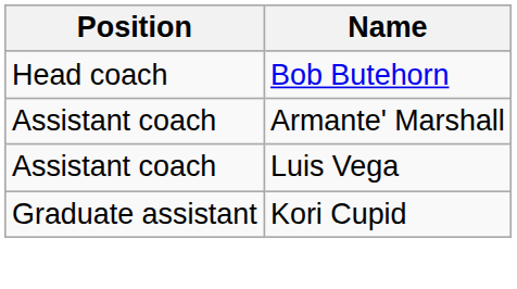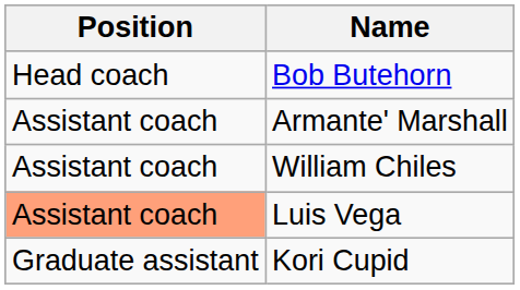 <table class= wikitable>
 <tr>
 <th width=xpx>Position</th>
 <th width=xpx>Name</th>
 </tr>
 <tr>
 <td>Head coach</td>
 <td><a href='#'>Bob Butehorn</a></td>
 </tr>
 <tr>
 <td>Assistant coach</td>
 <td>Armante' Marshall</td>
 </tr>
 <tr>
 <td>Assistant coach</td>
+<td>William Chiles</td>
+</tr>
+<tr>
+<td style="background: lightsalmon;">Assistant coach</td>
 <td>Luis Vega</td>
 </tr>
 <tr>
 <td>Graduate assistant</td>
 <td>Kori Cupid</td>
 </tr>
 </table>
